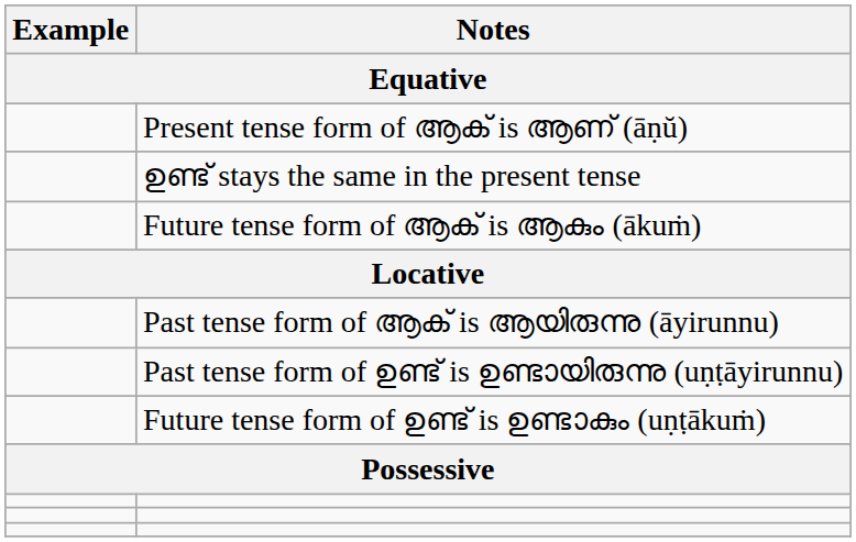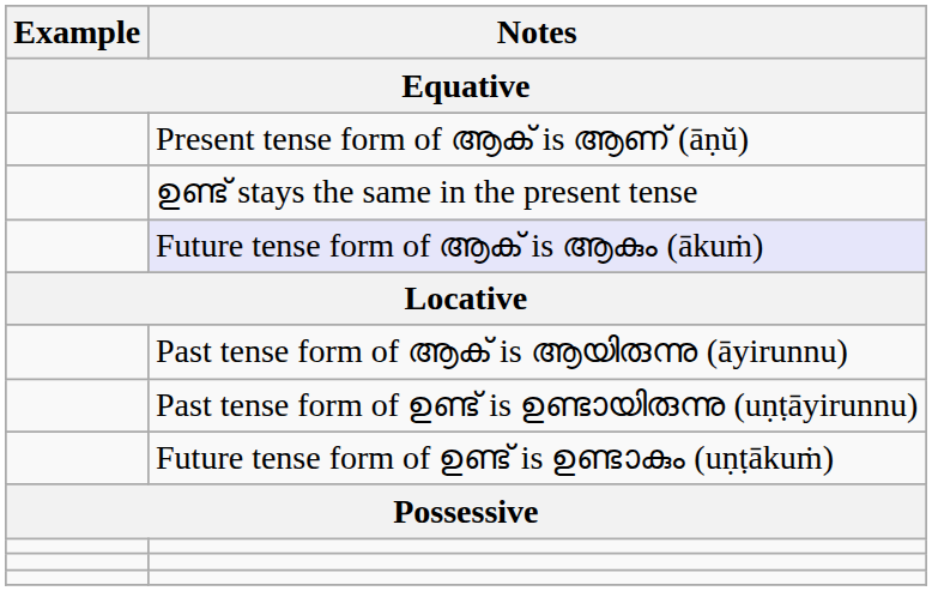 <table class="wikitable">
 <tr>
 <th>Example</th>
 <th>Notes</th>
 </tr>
 <tr>
 <th colspan="2">Equative</th>
 </tr>
 <tr>
 <td></td>
 <td>Present tense form of ആക് is ആണ് (āṇŭ)</td>
 </tr>
 <tr>
 <td></td>
 <td>ഉണ്ട് stays the same in the present tense</td>
 </tr>
 <tr>
 <td></td>
-<td>Future tense form of ആക് is ആകും (ākuṁ)</td>
+<td style="background: lavender;">Future tense form of ആക് is ആകും (ākuṁ)</td>
 </tr>
 <tr>
 <th colspan="2">Locative</th>
 </tr>
 <tr>
 <td></td>
 <td>Past tense form of ആക് is ആയിരുന്നു (āyirunnu)</td>
 </tr>
 <tr>
 <td></td>
 <td>Past tense form of ഉണ്ട് is ഉണ്ടായിരുന്നു (uṇṭāyirunnu)</td>
 </tr>
 <tr>
 <td></td>
 <td>Future tense form of ഉണ്ട് is ഉണ്ടാകും (uṇṭākuṁ)</td>
 </tr>
 <tr>
 <th colspan="2">Possessive</th>
 </tr>
 <tr>
 <td></td>
 <td></td>
 </tr>
 <tr>
 <td></td>
 <td></td>
 </tr>
 <tr>
 <td></td>
 <td></td>
 </tr>
 </table>
